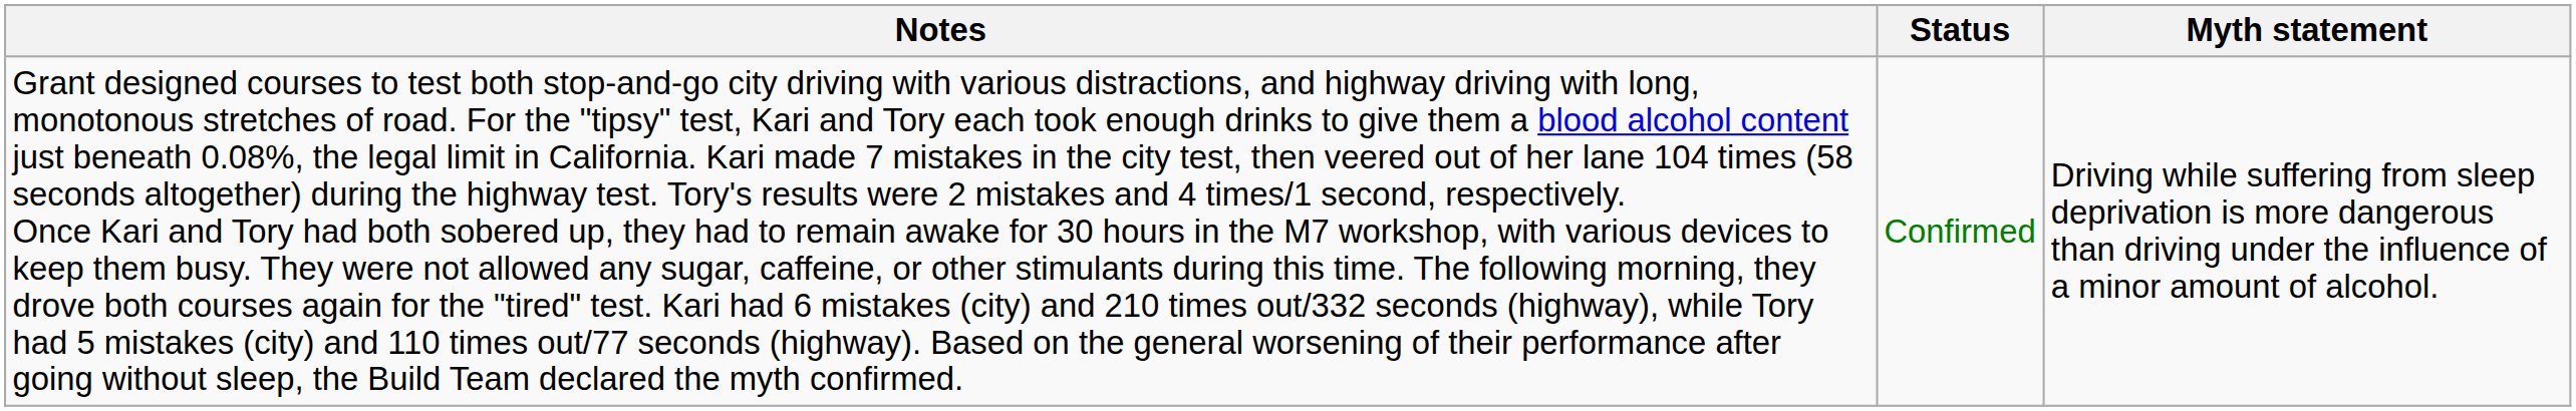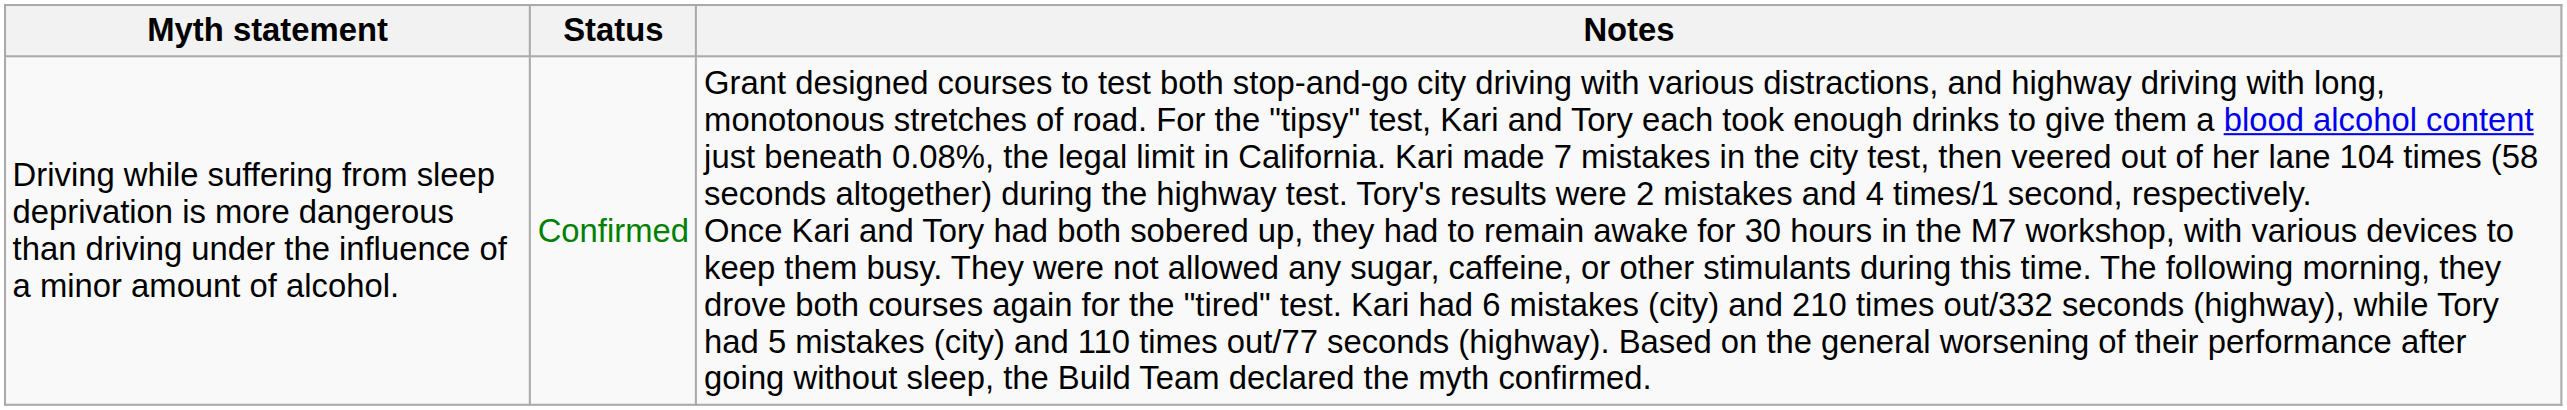 <table class="wikitable plainrowheaders">
 <tr>
+<th>Myth statement</th>
+<th>Status</th>
 <th>Notes</th>
-<th>Status</th>
-<th>Myth statement</th>
 </tr>
 <tr>
+<td>Driving while suffering from sleep deprivation is more dangerous than driving under the influence of a minor amount of alcohol.</td>
+<td style="color:green">Confirmed</td>
 <td>Grant designed courses to test both stop-and-go city driving with various distractions, and highway driving with long, monotonous stretches of road. For the "tipsy" test, Kari and Tory each took enough drinks to give them a <a href='#'>blood alcohol content</a> just beneath 0.08%, the legal limit in California. Kari made 7 mistakes in the city test, then veered out of her lane 104 times (58 seconds altogether) during the highway test. Tory's results were 2 mistakes and 4 times/1 second, respectively.<br>Once Kari and Tory had both sobered up, they had to remain awake for 30 hours in the M7 workshop, with various devices to keep them busy. They were not allowed any sugar, caffeine, or other stimulants during this time. The following morning, they drove both courses again for the "tired" test. Kari had 6 mistakes (city) and 210 times out/332 seconds (highway), while Tory had 5 mistakes (city) and 110 times out/77 seconds (highway). Based on the general worsening of their performance after going without sleep, the Build Team declared the myth confirmed.</td>
-<td style="color:green">Confirmed</td>
-<td>Driving while suffering from sleep deprivation is more dangerous than driving under the influence of a minor amount of alcohol.</td>
 </tr>
 </table>
